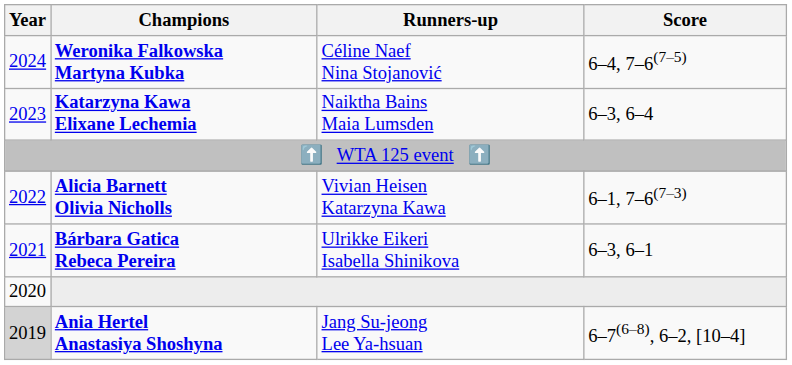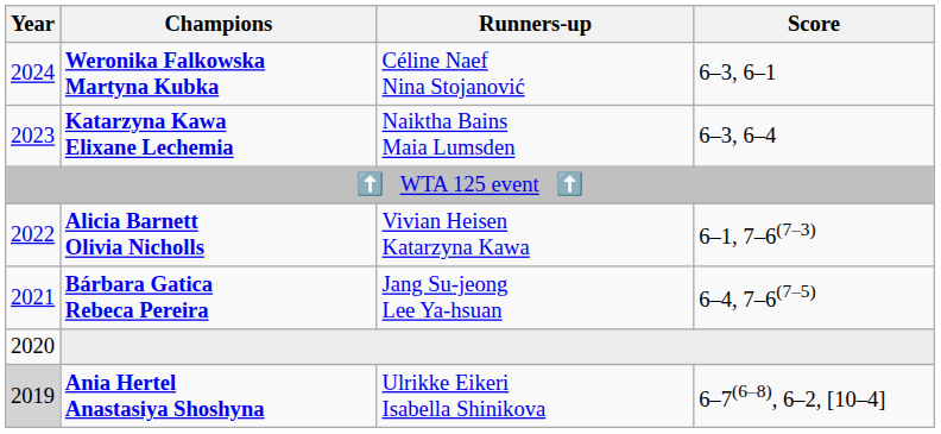 <table class="wikitable" style="font-size:90%">
 <tr>
 <th>Year</th>
 <th width="200">Champions</th>
 <th width="200">Runners-up</th>
 <th width="150">Score</th>
 </tr>
 <tr>
 <td><a href='#'>2024</a></td>
 <td> <strong><a href='#'>Weronika Falkowska</a></strong> <br>  <strong><a href='#'>Martyna Kubka</a></strong></td>
 <td> <a href='#'>Céline Naef</a> <br>  <a href='#'>Nina Stojanović</a></td>
-<td>6–4, 7–6<sup>(7–5)</sup></td>
+<td>6–3, 6–1</td>
 </tr>
 <tr>
 <td><a href='#'>2023</a></td>
 <td> <strong><a href='#'>Katarzyna Kawa</a></strong> <br>  <strong><a href='#'>Elixane Lechemia</a></strong></td>
 <td> <a href='#'>Naiktha Bains</a> <br>  <a href='#'>Maia Lumsden</a></td>
 <td>6–3, 6–4</td>
 </tr>
 <tr>
 <td colspan="4" align="center" bgcolor=silver>⬆️   <a href='#'>WTA 125 event</a>   ⬆️</td>
 </tr>
 <tr>
 <td><a href='#'>2022</a></td>
 <td> <strong><a href='#'>Alicia Barnett</a></strong> <br>  <strong><a href='#'>Olivia Nicholls</a></strong></td>
 <td> <a href='#'>Vivian Heisen</a> <br>  <a href='#'>Katarzyna Kawa</a></td>
 <td>6–1, 7–6<sup>(7–3)</sup></td>
 </tr>
 <tr>
 <td><a href='#'>2021</a></td>
 <td> <strong><a href='#'>Bárbara Gatica</a></strong> <br>  <strong><a href='#'>Rebeca Pereira</a></strong></td>
-<td> <a href='#'>Ulrikke Eikeri</a> <br>  <a href='#'>Isabella Shinikova</a></td>
-<td>6–3, 6–1</td>
+<td> <a href='#'>Jang Su-jeong</a> <br>  <a href='#'>Lee Ya-hsuan</a></td>
+<td>6–4, 7–6<sup>(7–5)</sup></td>
 </tr>
 <tr>
 <td>2020</td>
 <td colspan=3 bgcolor="#ededed"></td>
 </tr>
 <tr>
 <td style="background: lightgrey;">2019</td>
 <td> <strong><a href='#'>Ania Hertel</a></strong> <br>  <strong><a href='#'>Anastasiya Shoshyna</a></strong></td>
-<td> <a href='#'>Jang Su-jeong</a> <br>  <a href='#'>Lee Ya-hsuan</a></td>
+<td> <a href='#'>Ulrikke Eikeri</a> <br>  <a href='#'>Isabella Shinikova</a></td>
 <td>6–7<sup>(6–8)</sup>, 6–2, [10–4]</td>
 </tr>
 </table>
